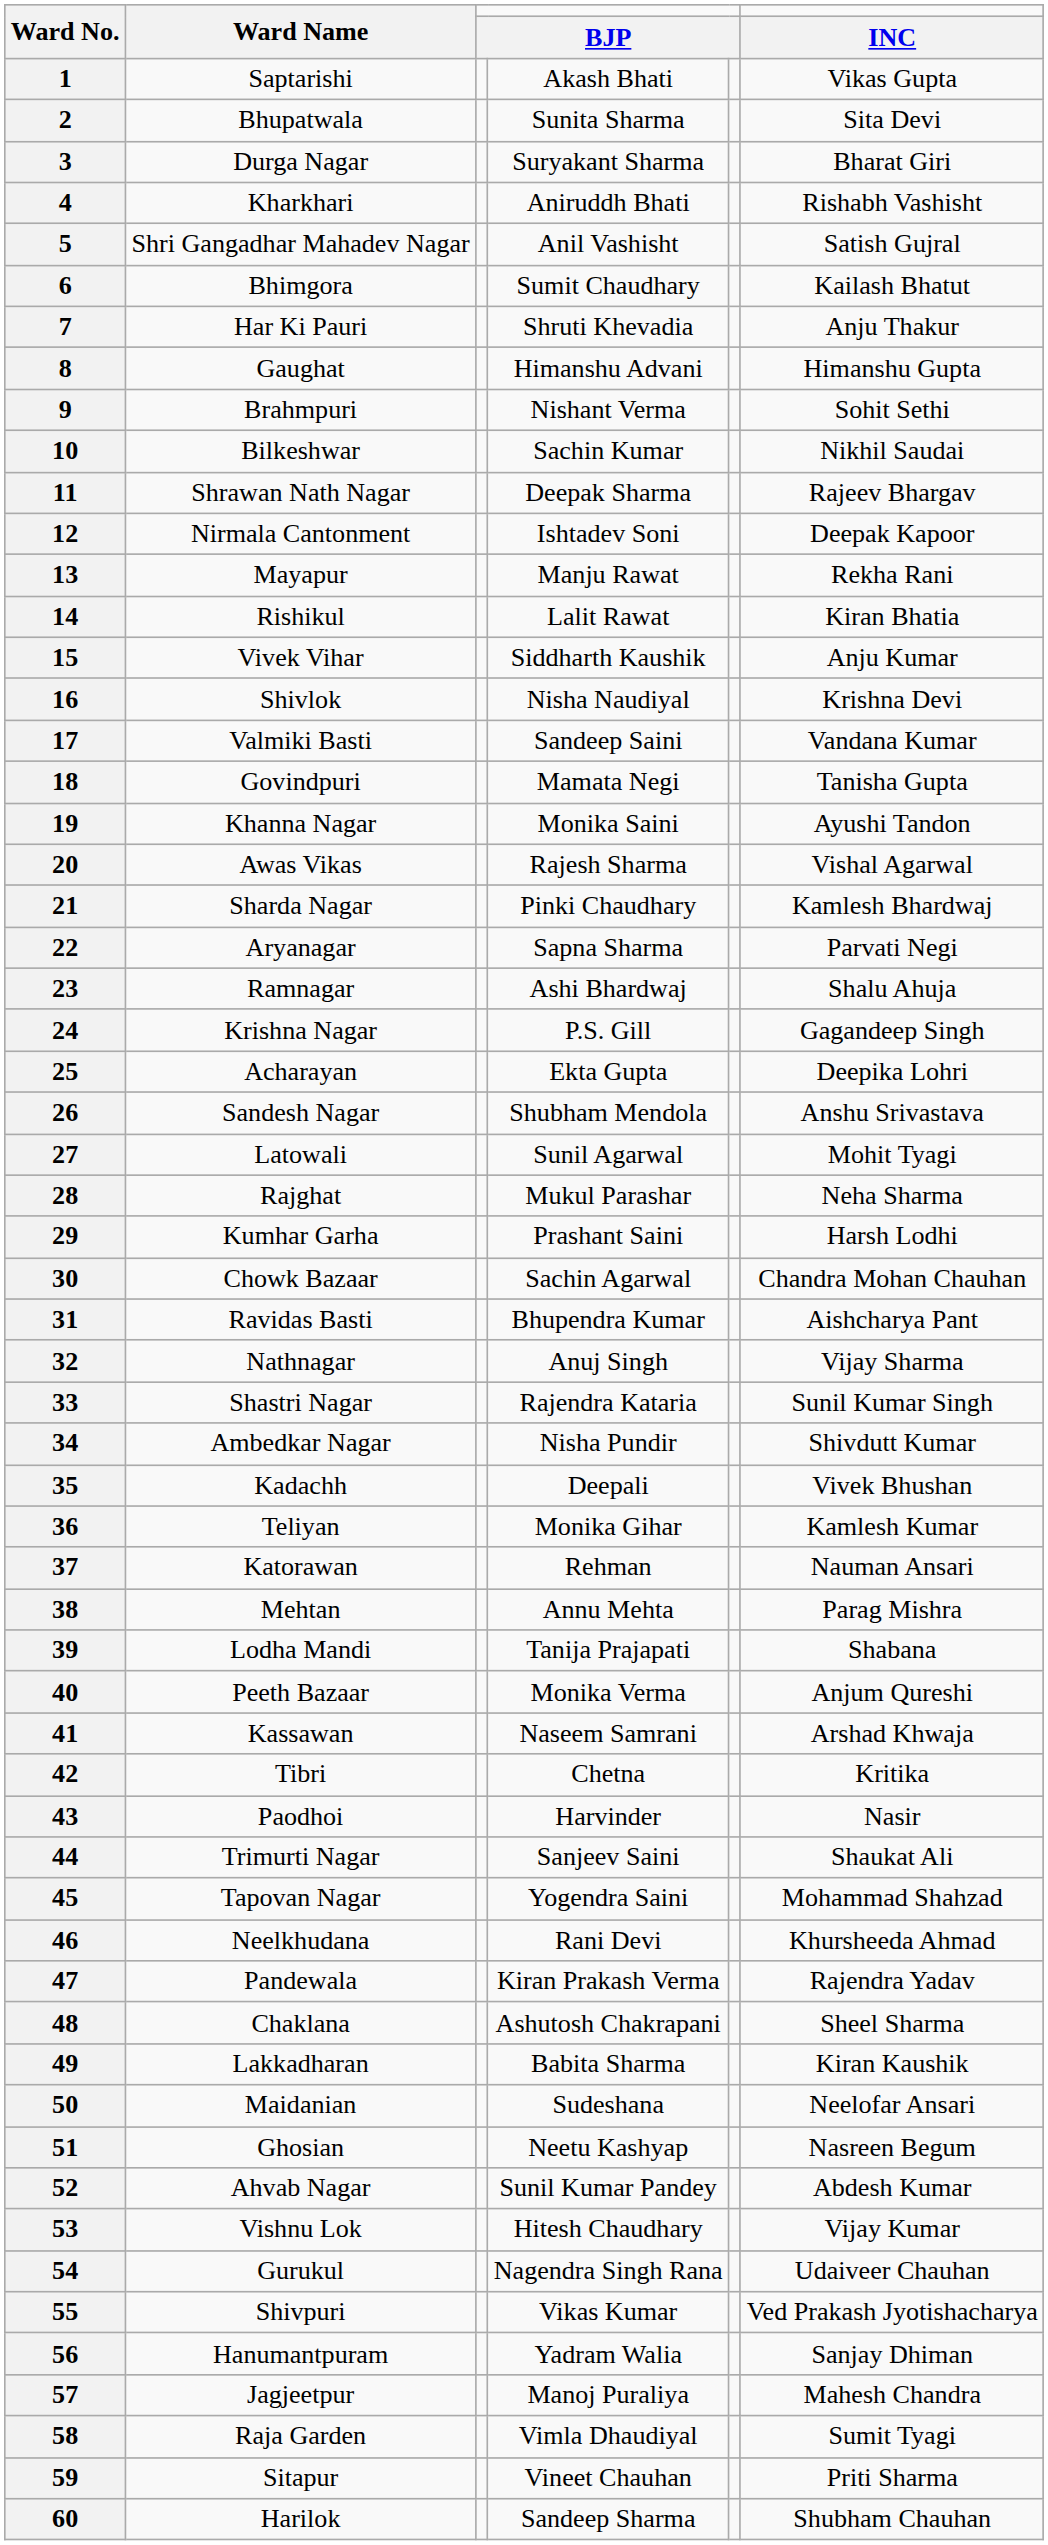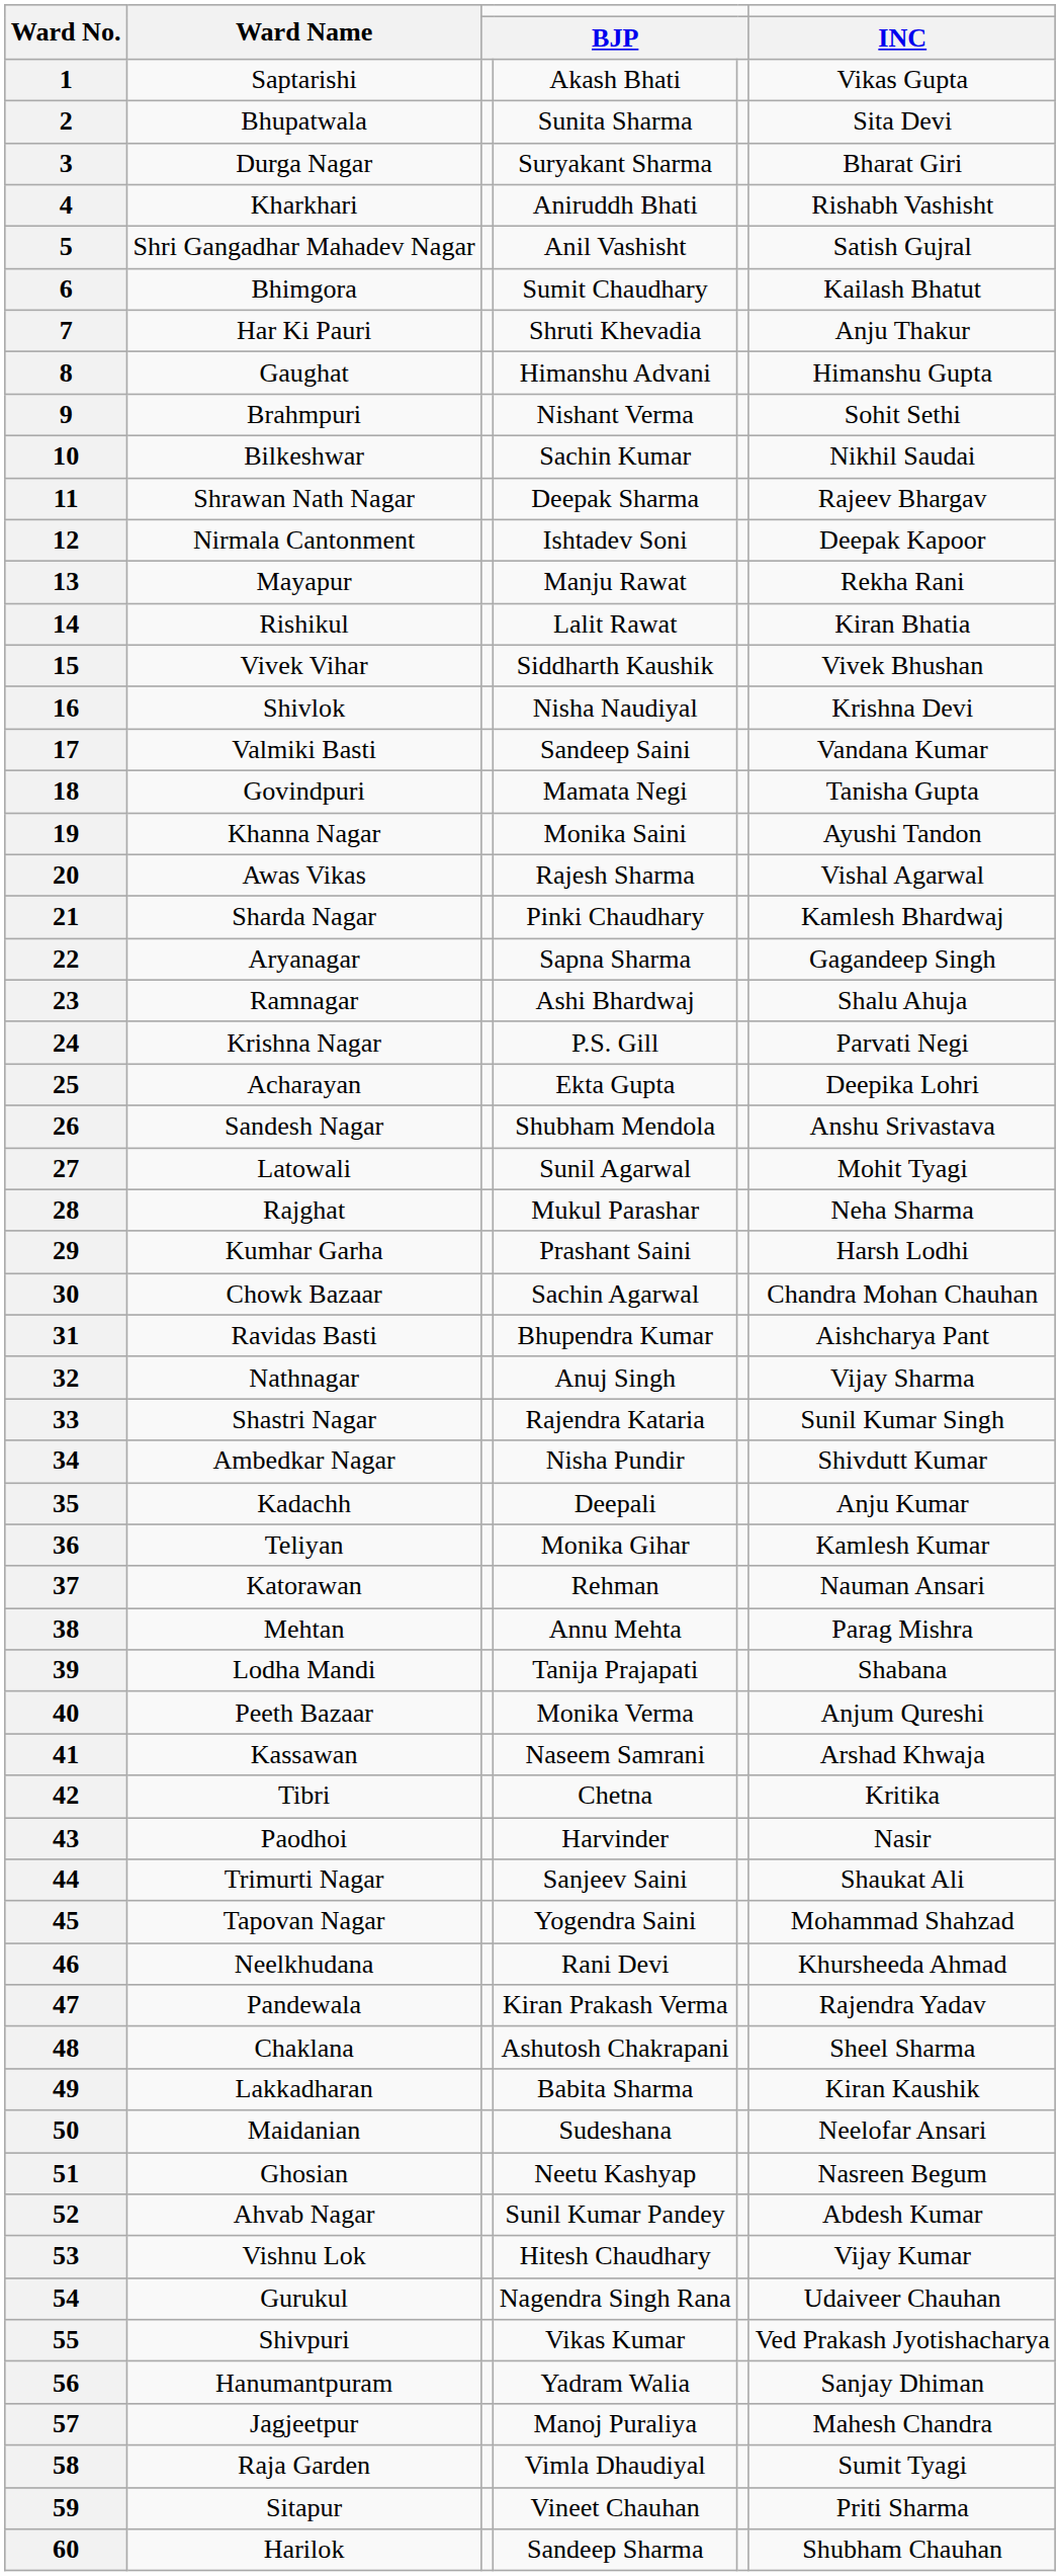 <table class="wikitable sortable" style="text-align:center;">
 <tr>
 <th rowspan="2">Ward No.</th>
 <th rowspan="2">Ward Name</th>
 <td colspan="3" style="background:"></td>
 <td colspan="3" style="background:"></td>
 </tr>
 <tr>
 <th colspan="3"><a href='#'>BJP</a></th>
 <th colspan="3"><a href='#'>INC</a></th>
 </tr>
 <tr>
 <th>1</th>
 <td>Saptarishi</td>
 <td></td>
 <td>Akash Bhati</td>
 <td></td>
 <td>Vikas Gupta</td>
 </tr>
 <tr>
 <th>2</th>
 <td>Bhupatwala</td>
 <td></td>
 <td>Sunita Sharma</td>
 <td></td>
 <td>Sita Devi</td>
 </tr>
 <tr>
 <th>3</th>
 <td>Durga Nagar</td>
 <td></td>
 <td>Suryakant Sharma</td>
 <td></td>
 <td>Bharat Giri</td>
 </tr>
 <tr>
 <th>4</th>
 <td>Kharkhari</td>
 <td></td>
 <td>Aniruddh Bhati</td>
 <td></td>
 <td>Rishabh Vashisht</td>
 </tr>
 <tr>
 <th>5</th>
 <td>Shri Gangadhar Mahadev Nagar</td>
 <td></td>
 <td>Anil Vashisht</td>
 <td></td>
 <td>Satish Gujral</td>
 </tr>
 <tr>
 <th>6</th>
 <td>Bhimgora</td>
 <td></td>
 <td>Sumit Chaudhary</td>
 <td></td>
 <td>Kailash Bhatut</td>
 </tr>
 <tr>
 <th>7</th>
 <td>Har Ki Pauri</td>
 <td></td>
 <td>Shruti Khevadia</td>
 <td></td>
 <td>Anju Thakur</td>
 </tr>
 <tr>
 <th>8</th>
 <td>Gaughat</td>
 <td></td>
 <td>Himanshu Advani</td>
 <td></td>
 <td>Himanshu Gupta</td>
 </tr>
 <tr>
 <th>9</th>
 <td>Brahmpuri</td>
 <td></td>
 <td>Nishant Verma</td>
 <td></td>
 <td>Sohit Sethi</td>
 </tr>
 <tr>
 <th>10</th>
 <td>Bilkeshwar</td>
 <td></td>
 <td>Sachin Kumar</td>
 <td></td>
 <td>Nikhil Saudai</td>
 </tr>
 <tr>
 <th>11</th>
 <td>Shrawan Nath Nagar</td>
 <td></td>
 <td>Deepak Sharma</td>
 <td></td>
 <td>Rajeev Bhargav</td>
 </tr>
 <tr>
 <th>12</th>
 <td>Nirmala Cantonment</td>
 <td></td>
 <td>Ishtadev Soni</td>
 <td></td>
 <td>Deepak Kapoor</td>
 </tr>
 <tr>
 <th>13</th>
 <td>Mayapur</td>
 <td></td>
 <td>Manju Rawat</td>
 <td></td>
 <td>Rekha Rani</td>
 </tr>
 <tr>
 <th>14</th>
 <td>Rishikul</td>
 <td></td>
 <td>Lalit Rawat</td>
 <td></td>
 <td>Kiran Bhatia</td>
 </tr>
 <tr>
 <th>15</th>
 <td>Vivek Vihar</td>
 <td></td>
 <td>Siddharth Kaushik</td>
 <td></td>
-<td>Anju Kumar</td>
+<td>Vivek Bhushan</td>
 </tr>
 <tr>
 <th>16</th>
 <td>Shivlok</td>
 <td></td>
 <td>Nisha Naudiyal</td>
 <td></td>
 <td>Krishna Devi</td>
 </tr>
 <tr>
 <th>17</th>
 <td>Valmiki Basti</td>
 <td></td>
 <td>Sandeep Saini</td>
 <td></td>
 <td>Vandana Kumar</td>
 </tr>
 <tr>
 <th>18</th>
 <td>Govindpuri</td>
 <td></td>
 <td>Mamata Negi</td>
 <td></td>
 <td>Tanisha Gupta</td>
 </tr>
 <tr>
 <th>19</th>
 <td>Khanna Nagar</td>
 <td></td>
 <td>Monika Saini</td>
 <td></td>
 <td>Ayushi Tandon</td>
 </tr>
 <tr>
 <th>20</th>
 <td>Awas Vikas</td>
 <td></td>
 <td>Rajesh Sharma</td>
 <td></td>
 <td>Vishal Agarwal</td>
 </tr>
 <tr>
 <th>21</th>
 <td>Sharda Nagar</td>
 <td></td>
 <td>Pinki Chaudhary</td>
 <td></td>
 <td>Kamlesh Bhardwaj</td>
 </tr>
 <tr>
 <th>22</th>
 <td>Aryanagar</td>
 <td></td>
 <td>Sapna Sharma</td>
 <td></td>
-<td>Parvati Negi</td>
+<td>Gagandeep Singh</td>
 </tr>
 <tr>
 <th>23</th>
 <td>Ramnagar</td>
 <td></td>
 <td>Ashi Bhardwaj</td>
 <td></td>
 <td>Shalu Ahuja</td>
 </tr>
 <tr>
 <th>24</th>
 <td>Krishna Nagar</td>
 <td></td>
 <td>P.S. Gill</td>
 <td></td>
-<td>Gagandeep Singh</td>
+<td>Parvati Negi</td>
 </tr>
 <tr>
 <th>25</th>
 <td>Acharayan</td>
 <td></td>
 <td>Ekta Gupta</td>
 <td></td>
 <td>Deepika Lohri</td>
 </tr>
 <tr>
 <th>26</th>
 <td>Sandesh Nagar</td>
 <td></td>
 <td>Shubham Mendola</td>
 <td></td>
 <td>Anshu Srivastava</td>
 </tr>
 <tr>
 <th>27</th>
 <td>Latowali</td>
 <td></td>
 <td>Sunil Agarwal</td>
 <td></td>
 <td>Mohit Tyagi</td>
 </tr>
 <tr>
 <th>28</th>
 <td>Rajghat</td>
 <td></td>
 <td>Mukul Parashar</td>
 <td></td>
 <td>Neha Sharma</td>
 </tr>
 <tr>
 <th>29</th>
 <td>Kumhar Garha</td>
 <td></td>
 <td>Prashant Saini</td>
 <td></td>
 <td>Harsh Lodhi</td>
 </tr>
 <tr>
 <th>30</th>
 <td>Chowk Bazaar</td>
 <td></td>
 <td>Sachin Agarwal</td>
 <td></td>
 <td>Chandra Mohan Chauhan</td>
 </tr>
 <tr>
 <th>31</th>
 <td>Ravidas Basti</td>
 <td></td>
 <td>Bhupendra Kumar</td>
 <td></td>
 <td>Aishcharya Pant</td>
 </tr>
 <tr>
 <th>32</th>
 <td>Nathnagar</td>
 <td></td>
 <td>Anuj Singh</td>
 <td></td>
 <td>Vijay Sharma</td>
 </tr>
 <tr>
 <th>33</th>
 <td>Shastri Nagar</td>
 <td></td>
 <td>Rajendra Kataria</td>
 <td></td>
 <td>Sunil Kumar Singh</td>
 </tr>
 <tr>
 <th>34</th>
 <td>Ambedkar Nagar</td>
 <td></td>
 <td>Nisha Pundir</td>
 <td></td>
 <td>Shivdutt Kumar</td>
 </tr>
 <tr>
 <th>35</th>
 <td>Kadachh</td>
 <td></td>
 <td>Deepali</td>
 <td></td>
-<td>Vivek Bhushan</td>
+<td>Anju Kumar</td>
 </tr>
 <tr>
 <th>36</th>
 <td>Teliyan</td>
 <td></td>
 <td>Monika Gihar</td>
 <td></td>
 <td>Kamlesh Kumar</td>
 </tr>
 <tr>
 <th>37</th>
 <td>Katorawan</td>
 <td></td>
 <td>Rehman</td>
 <td></td>
 <td>Nauman Ansari</td>
 </tr>
 <tr>
 <th>38</th>
 <td>Mehtan</td>
 <td></td>
 <td>Annu Mehta</td>
 <td></td>
 <td>Parag Mishra</td>
 </tr>
 <tr>
 <th>39</th>
 <td>Lodha Mandi</td>
 <td></td>
 <td>Tanija Prajapati</td>
 <td></td>
 <td>Shabana</td>
 </tr>
 <tr>
 <th>40</th>
 <td>Peeth Bazaar</td>
 <td></td>
 <td>Monika Verma</td>
 <td></td>
 <td>Anjum Qureshi</td>
 </tr>
 <tr>
 <th>41</th>
 <td>Kassawan</td>
 <td></td>
 <td>Naseem Samrani</td>
 <td></td>
 <td>Arshad Khwaja</td>
 </tr>
 <tr>
 <th>42</th>
 <td>Tibri</td>
 <td></td>
 <td>Chetna</td>
 <td></td>
 <td>Kritika</td>
 </tr>
 <tr>
 <th>43</th>
 <td>Paodhoi</td>
 <td></td>
 <td>Harvinder</td>
 <td></td>
 <td>Nasir</td>
 </tr>
 <tr>
 <th>44</th>
 <td>Trimurti Nagar</td>
 <td></td>
 <td>Sanjeev Saini</td>
 <td></td>
 <td>Shaukat Ali</td>
 </tr>
 <tr>
 <th>45</th>
 <td>Tapovan Nagar</td>
 <td></td>
 <td>Yogendra Saini</td>
 <td></td>
 <td>Mohammad Shahzad</td>
 </tr>
 <tr>
 <th>46</th>
 <td>Neelkhudana</td>
 <td></td>
 <td>Rani Devi</td>
 <td></td>
 <td>Khursheeda Ahmad</td>
 </tr>
 <tr>
 <th>47</th>
 <td>Pandewala</td>
 <td></td>
 <td>Kiran Prakash Verma</td>
 <td></td>
 <td>Rajendra Yadav</td>
 </tr>
 <tr>
 <th>48</th>
 <td>Chaklana</td>
 <td></td>
 <td>Ashutosh Chakrapani</td>
 <td></td>
 <td>Sheel Sharma</td>
 </tr>
 <tr>
 <th>49</th>
 <td>Lakkadharan</td>
 <td></td>
 <td>Babita Sharma</td>
 <td></td>
 <td>Kiran Kaushik</td>
 </tr>
 <tr>
 <th>50</th>
 <td>Maidanian</td>
 <td></td>
 <td>Sudeshana</td>
 <td></td>
 <td>Neelofar Ansari</td>
 </tr>
 <tr>
 <th>51</th>
 <td>Ghosian</td>
 <td></td>
 <td>Neetu Kashyap</td>
 <td></td>
 <td>Nasreen Begum</td>
 </tr>
 <tr>
 <th>52</th>
 <td>Ahvab Nagar</td>
 <td></td>
 <td>Sunil Kumar Pandey</td>
 <td></td>
 <td>Abdesh Kumar</td>
 </tr>
 <tr>
 <th>53</th>
 <td>Vishnu Lok</td>
 <td></td>
 <td>Hitesh Chaudhary</td>
 <td></td>
 <td>Vijay Kumar</td>
 </tr>
 <tr>
 <th>54</th>
 <td>Gurukul</td>
 <td></td>
 <td>Nagendra Singh Rana</td>
 <td></td>
 <td>Udaiveer Chauhan</td>
 </tr>
 <tr>
 <th>55</th>
 <td>Shivpuri</td>
 <td></td>
 <td>Vikas Kumar</td>
 <td></td>
 <td>Ved Prakash Jyotishacharya</td>
 </tr>
 <tr>
 <th>56</th>
 <td>Hanumantpuram</td>
 <td></td>
 <td>Yadram Walia</td>
 <td></td>
 <td>Sanjay Dhiman</td>
 </tr>
 <tr>
 <th>57</th>
 <td>Jagjeetpur</td>
 <td></td>
 <td>Manoj Puraliya</td>
 <td></td>
 <td>Mahesh Chandra</td>
 </tr>
 <tr>
 <th>58</th>
 <td>Raja Garden</td>
 <td></td>
 <td>Vimla Dhaudiyal</td>
 <td></td>
 <td>Sumit Tyagi</td>
 </tr>
 <tr>
 <th>59</th>
 <td>Sitapur</td>
 <td></td>
 <td>Vineet Chauhan</td>
 <td></td>
 <td>Priti Sharma</td>
 </tr>
 <tr>
 <th>60</th>
 <td>Harilok</td>
 <td></td>
 <td>Sandeep Sharma</td>
 <td></td>
 <td>Shubham Chauhan</td>
 </tr>
 </table>
